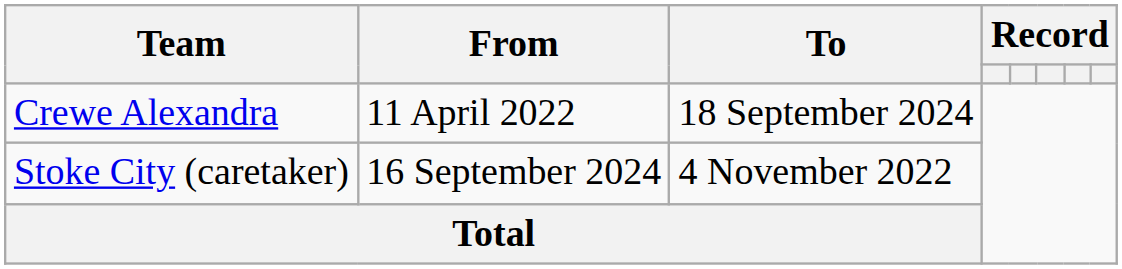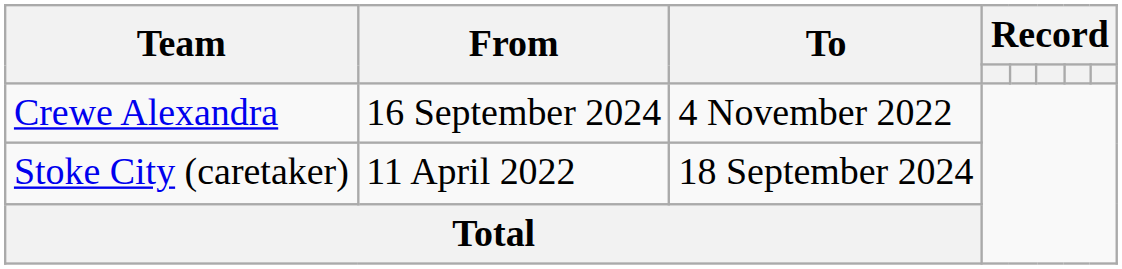 <table class=wikitable style=text-align:center>
 <tr>
 <th rowspan=2>Team</th>
 <th rowspan=2>From</th>
 <th rowspan=2>To</th>
 <th colspan=5>Record</th>
 </tr>
 <tr>
 <th></th>
 <th></th>
 <th></th>
 <th></th>
 <th></th>
 </tr>
 <tr>
 <td align=left><a href='#'>Crewe Alexandra</a></td>
-<td align=left>11 April 2022</td>
-<td align=left>18 September 2024<br></td>
+<td align=left>16 September 2024</td>
+<td align=left>4 November 2022<br></td>
 </tr>
 <tr>
 <td align=left><a href='#'>Stoke City</a> (caretaker)</td>
-<td align=left>16 September 2024</td>
-<td align=left>4 November 2022<br></td>
+<td align=left>11 April 2022</td>
+<td align=left>18 September 2024<br></td>
 </tr>
 <tr>
 <th colspan=3>Total<br></th>
 </tr>
 </table>
